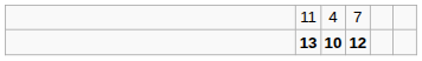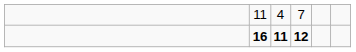 <table class="wikitable">
 <tr>
 <td style="width:18em"></td>
 <td align=center style="width:1em">11</td>
 <td align=center style="width:1em">4</td>
 <td align=center style="width:1em">7</td>
 <td align=center style="width:1em"></td>
 <td align=center style="width:1em"></td>
 </tr>
 <tr>
 <td style="width:18em"></td>
-<td align=center style="width:1em"><strong>13</strong></td>
-<td align=center style="width:1em"><strong>10</strong></td>
+<td align=center style="width:1em"><strong>16</strong></td>
+<td align=center style="width:1em"><strong>11</strong></td>
 <td align=center style="width:1em"><strong>12</strong></td>
 <td align=center style="width:1em"></td>
 <td align=center style="width:1em"></td>
 </tr>
 </table>
